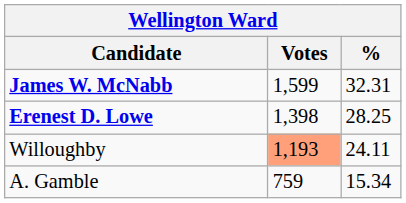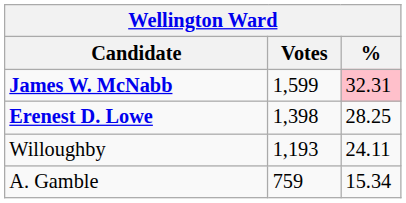 <table class="wikitable">
 <tr>
 <th colspan="3"><a href='#'>Wellington Ward</a></th>
 </tr>
 <tr>
 <th style="width: 200px">Candidate</th>
 <th style="width: 50px">Votes</th>
 <th style="width: 40px">%</th>
 </tr>
 <tr>
 <td><strong><a href='#'>James W. McNabb</a></strong></td>
 <td>1,599</td>
-<td>32.31</td>
+<td style="background: pink;">32.31</td>
 </tr>
 <tr>
 <td><strong><a href='#'>Erenest D. Lowe</a></strong></td>
 <td>1,398</td>
 <td>28.25</td>
 </tr>
 <tr>
 <td>Willoughby</td>
-<td style="background: lightsalmon;">1,193</td>
+<td>1,193</td>
 <td>24.11</td>
 </tr>
 <tr>
 <td>A. Gamble</td>
 <td>759</td>
 <td>15.34</td>
 </tr>
 </table>
